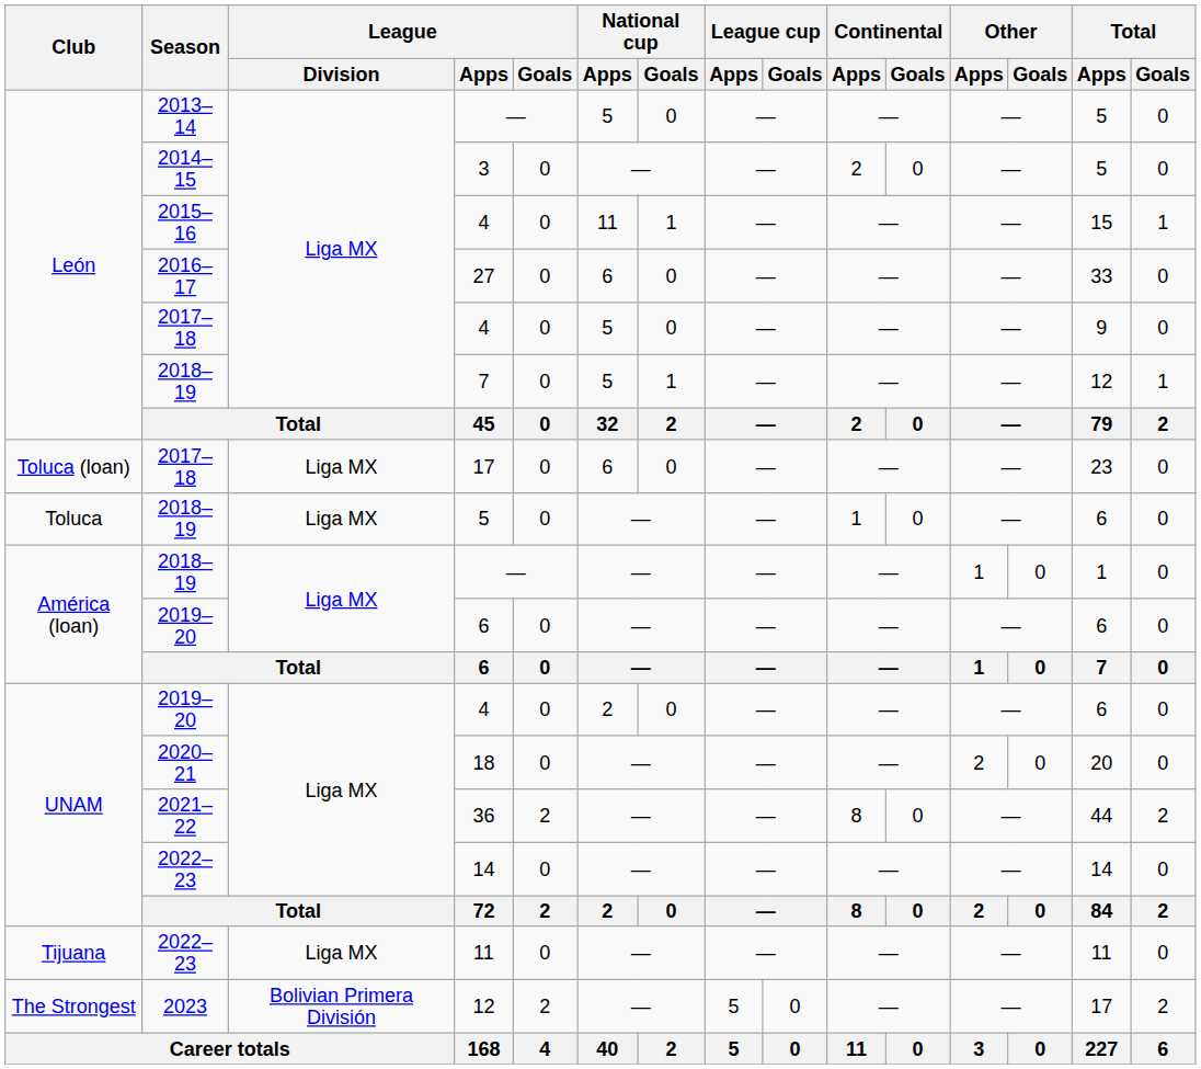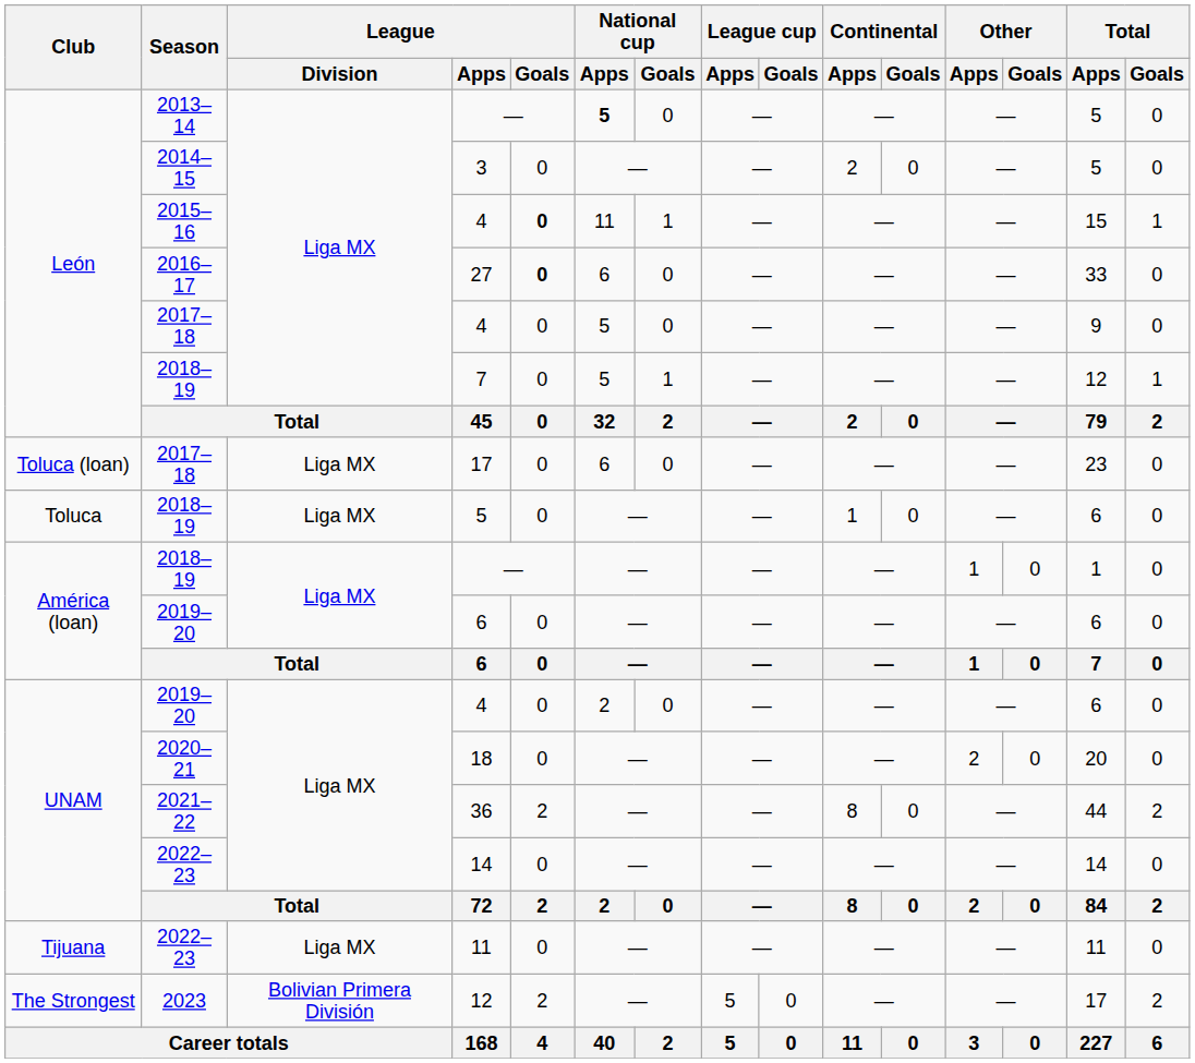 <table class="wikitable" style="font-size:90%; text-align: center">
 <tr>
 <th rowspan=2>Club</th>
 <th rowspan=2>Season</th>
 <th colspan=3>League</th>
 <th colspan=2>National cup</th>
 <th colspan=2>League cup</th>
 <th colspan=2>Continental</th>
 <th colspan=2>Other</th>
 <th colspan=2>Total</th>
 </tr>
 <tr>
 <th>Division</th>
 <th>Apps</th>
 <th>Goals</th>
 <th>Apps</th>
 <th>Goals</th>
 <th>Apps</th>
 <th>Goals</th>
 <th>Apps</th>
 <th>Goals</th>
 <th>Apps</th>
 <th>Goals</th>
 <th>Apps</th>
 <th>Goals</th>
 </tr>
 <tr>
 <td rowspan=7><a href='#'>León</a></td>
 <td><a href='#'>2013–14</a></td>
 <td rowspan=6><a href='#'>Liga MX</a></td>
 <td colspan=2>—</td>
-<td>5</td>
+<td><strong>5</strong></td>
 <td>0</td>
 <td colspan=2>—</td>
 <td colspan=2>—</td>
 <td colspan=2>—</td>
 <td>5</td>
 <td>0</td>
 </tr>
 <tr>
 <td><a href='#'>2014–15</a></td>
 <td>3</td>
 <td>0</td>
 <td colspan=2>—</td>
 <td colspan=2>—</td>
 <td>2</td>
 <td>0</td>
 <td colspan=2>—</td>
 <td>5</td>
 <td>0</td>
 </tr>
 <tr>
 <td><a href='#'>2015–16</a></td>
 <td>4</td>
-<td>0</td>
+<td><strong>0</strong></td>
 <td>11</td>
 <td>1</td>
 <td colspan=2>—</td>
 <td colspan=2>—</td>
 <td colspan=2>—</td>
 <td>15</td>
 <td>1</td>
 </tr>
 <tr>
 <td><a href='#'>2016–17</a></td>
 <td>27</td>
-<td>0</td>
+<td><strong>0</strong></td>
 <td>6</td>
 <td>0</td>
 <td colspan=2>—</td>
 <td colspan=2>—</td>
 <td colspan=2>—</td>
 <td>33</td>
 <td>0</td>
 </tr>
 <tr>
 <td><a href='#'>2017–18</a></td>
 <td>4</td>
 <td>0</td>
 <td>5</td>
 <td>0</td>
 <td colspan=2>—</td>
 <td colspan=2>—</td>
 <td colspan=2>—</td>
 <td>9</td>
 <td>0</td>
 </tr>
 <tr>
 <td><a href='#'>2018–19</a></td>
 <td>7</td>
 <td>0</td>
 <td>5</td>
 <td>1</td>
 <td colspan=2>—</td>
 <td colspan=2>—</td>
 <td colspan=2>—</td>
 <td>12</td>
 <td>1</td>
 </tr>
 <tr>
 <th colspan=2>Total</th>
 <th>45</th>
 <th>0</th>
 <th>32</th>
 <th>2</th>
 <th colspan=2>—</th>
 <th>2</th>
 <th>0</th>
 <th colspan=2>—</th>
 <th>79</th>
 <th>2</th>
 </tr>
 <tr>
 <td><a href='#'>Toluca</a> (loan)</td>
 <td><a href='#'>2017–18</a></td>
 <td>Liga MX</td>
 <td>17</td>
 <td>0</td>
 <td>6</td>
 <td>0</td>
 <td colspan=2>—</td>
 <td colspan=2>—</td>
 <td colspan=2>—</td>
 <td>23</td>
 <td>0</td>
 </tr>
 <tr>
 <td>Toluca</td>
 <td><a href='#'>2018–19</a></td>
 <td>Liga MX</td>
 <td>5</td>
 <td>0</td>
 <td colspan=2>—</td>
 <td colspan=2>—</td>
 <td>1</td>
 <td>0</td>
 <td colspan=2>—</td>
 <td>6</td>
 <td>0</td>
 </tr>
 <tr>
 <td rowspan=3><a href='#'>América</a> (loan)</td>
 <td><a href='#'>2018–19</a></td>
 <td rowspan=2><a href='#'>Liga MX</a></td>
 <td colspan=2>—</td>
 <td colspan=2>—</td>
 <td colspan=2>—</td>
 <td colspan=2>—</td>
 <td>1</td>
 <td>0</td>
 <td>1</td>
 <td>0</td>
 </tr>
 <tr>
 <td><a href='#'>2019–20</a></td>
 <td>6</td>
 <td>0</td>
 <td colspan=2>—</td>
 <td colspan=2>—</td>
 <td colspan=2>—</td>
 <td colspan=2>—</td>
 <td>6</td>
 <td>0</td>
 </tr>
 <tr>
 <th colspan=2>Total</th>
 <th>6</th>
 <th>0</th>
 <th colspan=2>—</th>
 <th colspan=2>—</th>
 <th colspan=2>—</th>
 <th>1</th>
 <th>0</th>
 <th>7</th>
 <th>0</th>
 </tr>
 <tr>
 <td rowspan=5><a href='#'>UNAM</a></td>
 <td><a href='#'>2019–20</a></td>
 <td rowspan=4>Liga MX</td>
 <td>4</td>
 <td>0</td>
 <td>2</td>
 <td>0</td>
 <td colspan=2>—</td>
 <td colspan=2>—</td>
 <td colspan=2>—</td>
 <td>6</td>
 <td>0</td>
 </tr>
 <tr>
 <td><a href='#'>2020–21</a></td>
 <td>18</td>
 <td>0</td>
 <td colspan=2>—</td>
 <td colspan=2>—</td>
 <td colspan=2>—</td>
 <td>2</td>
 <td>0</td>
 <td>20</td>
 <td>0</td>
 </tr>
 <tr>
 <td><a href='#'>2021–22</a></td>
 <td>36</td>
 <td>2</td>
 <td colspan=2>—</td>
 <td colspan=2>—</td>
 <td>8</td>
 <td>0</td>
 <td colspan=2>—</td>
 <td>44</td>
 <td>2</td>
 </tr>
 <tr>
 <td><a href='#'>2022–23</a></td>
 <td>14</td>
 <td>0</td>
 <td colspan=2>—</td>
 <td colspan=2>—</td>
 <td colspan=2>—</td>
 <td colspan=2>—</td>
 <td>14</td>
 <td>0</td>
 </tr>
 <tr>
 <th colspan=2>Total</th>
 <th>72</th>
 <th>2</th>
 <th>2</th>
 <th>0</th>
 <th colspan=2>—</th>
 <th>8</th>
 <th>0</th>
 <th>2</th>
 <th>0</th>
 <th>84</th>
 <th>2</th>
 </tr>
 <tr>
 <td><a href='#'>Tijuana</a></td>
 <td><a href='#'>2022–23</a></td>
 <td>Liga MX</td>
 <td>11</td>
 <td>0</td>
 <td colspan=2>—</td>
 <td colspan=2>—</td>
 <td colspan=2>—</td>
 <td colspan=2>—</td>
 <td>11</td>
 <td>0</td>
 </tr>
 <tr>
 <td rowspan=1><a href='#'>The Strongest</a></td>
 <td><a href='#'>2023</a></td>
 <td rowspan=1><a href='#'>Bolivian Primera División</a></td>
 <td>12</td>
 <td>2</td>
 <td colspan=2>—</td>
 <td>5</td>
 <td>0</td>
 <td colspan=2>—</td>
 <td colspan=2>—</td>
 <td>17</td>
 <td>2</td>
 </tr>
 <tr>
 <th colspan=3>Career totals</th>
 <th>168</th>
 <th>4</th>
 <th>40</th>
 <th>2</th>
 <th>5</th>
 <th>0</th>
 <th>11</th>
 <th>0</th>
 <th>3</th>
 <th>0</th>
 <th>227</th>
 <th>6</th>
 </tr>
 </table>
